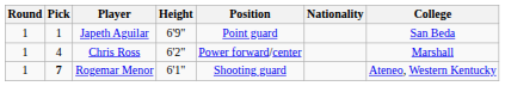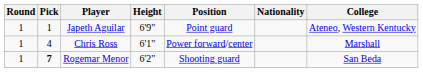 <table class="wikitable sortable sortable">
 <tr>
 <th>Round</th>
 <th>Pick</th>
 <th>Player</th>
 <th>Height</th>
 <th>Position</th>
 <th>Nationality</th>
 <th>College</th>
 </tr>
 <tr style="text-align: center">
 <td>1</td>
 <td>1</td>
 <td><a href='#'>Japeth Aguilar</a></td>
 <td>6'9"</td>
 <td><a href='#'>Point guard</a></td>
 <td></td>
-<td><a href='#'>San Beda</a></td>
+<td><a href='#'>Ateneo</a>, <a href='#'>Western Kentucky</a></td>
 </tr>
 <tr style="text-align: center">
 <td>1</td>
 <td>4</td>
 <td><a href='#'>Chris Ross</a></td>
-<td>6'2"</td>
+<td>6'1"</td>
 <td><a href='#'>Power forward</a>/<a href='#'>center</a></td>
 <td></td>
 <td><a href='#'>Marshall</a></td>
 </tr>
 <tr style="text-align: center">
 <td>1</td>
 <td><strong>7</strong></td>
 <td><a href='#'>Rogemar Menor</a></td>
-<td>6'1"</td>
+<td>6'2"</td>
 <td><a href='#'>Shooting guard</a></td>
 <td></td>
-<td><a href='#'>Ateneo</a>, <a href='#'>Western Kentucky</a></td>
+<td><a href='#'>San Beda</a></td>
 </tr>
 </table>
